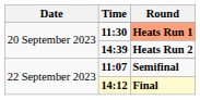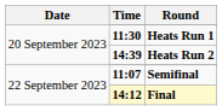 <table class="wikitable">
 <tr>
 <th>Date</th>
 <th>Time</th>
 <th>Round</th>
 </tr>
 <tr>
 <td rowspan=3>20 September 2023</td>
 </tr>
 <tr>
 <td><strong>11:30</strong></td>
-<td style="background: lightsalmon;"><strong>Heats Run 1</strong></td>
+<td><strong>Heats Run 1</strong></td>
 </tr>
 <tr>
 <td><strong>14:39</strong></td>
 <td><strong>Heats Run 2</strong></td>
 </tr>
 <tr>
 <td rowspan=3>22 September 2023</td>
 </tr>
 <tr>
 <td><strong>11:07</strong></td>
 <td><strong>Semifinal</strong></td>
 </tr>
 <tr style=background:lemonchiffon>
 <td><strong>14:12</strong></td>
 <td><strong>Final</strong></td>
 </tr>
 </table>
